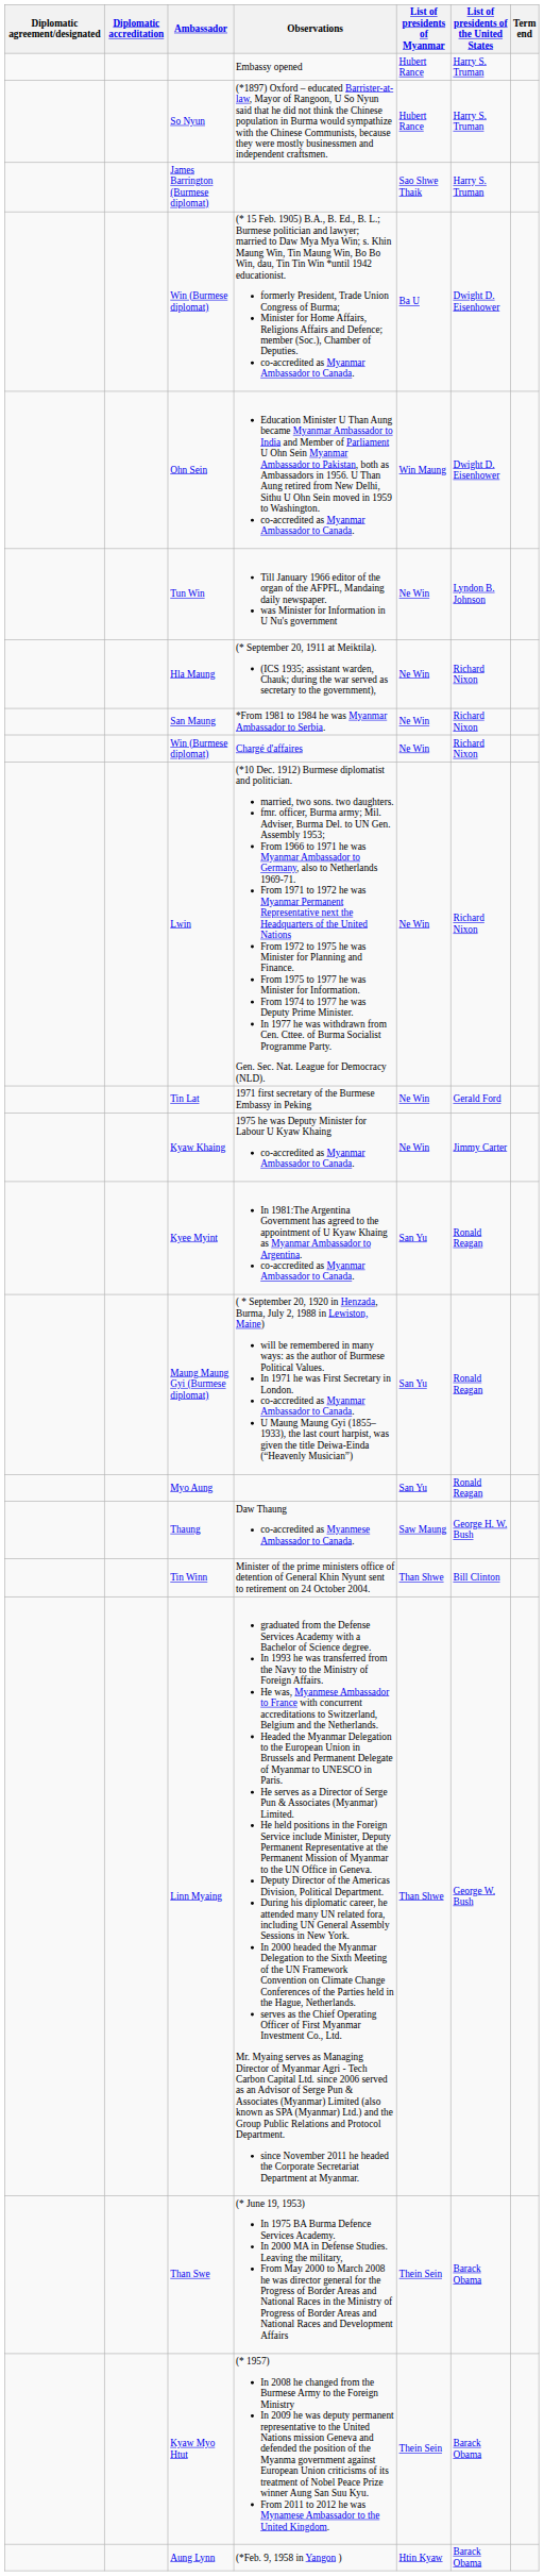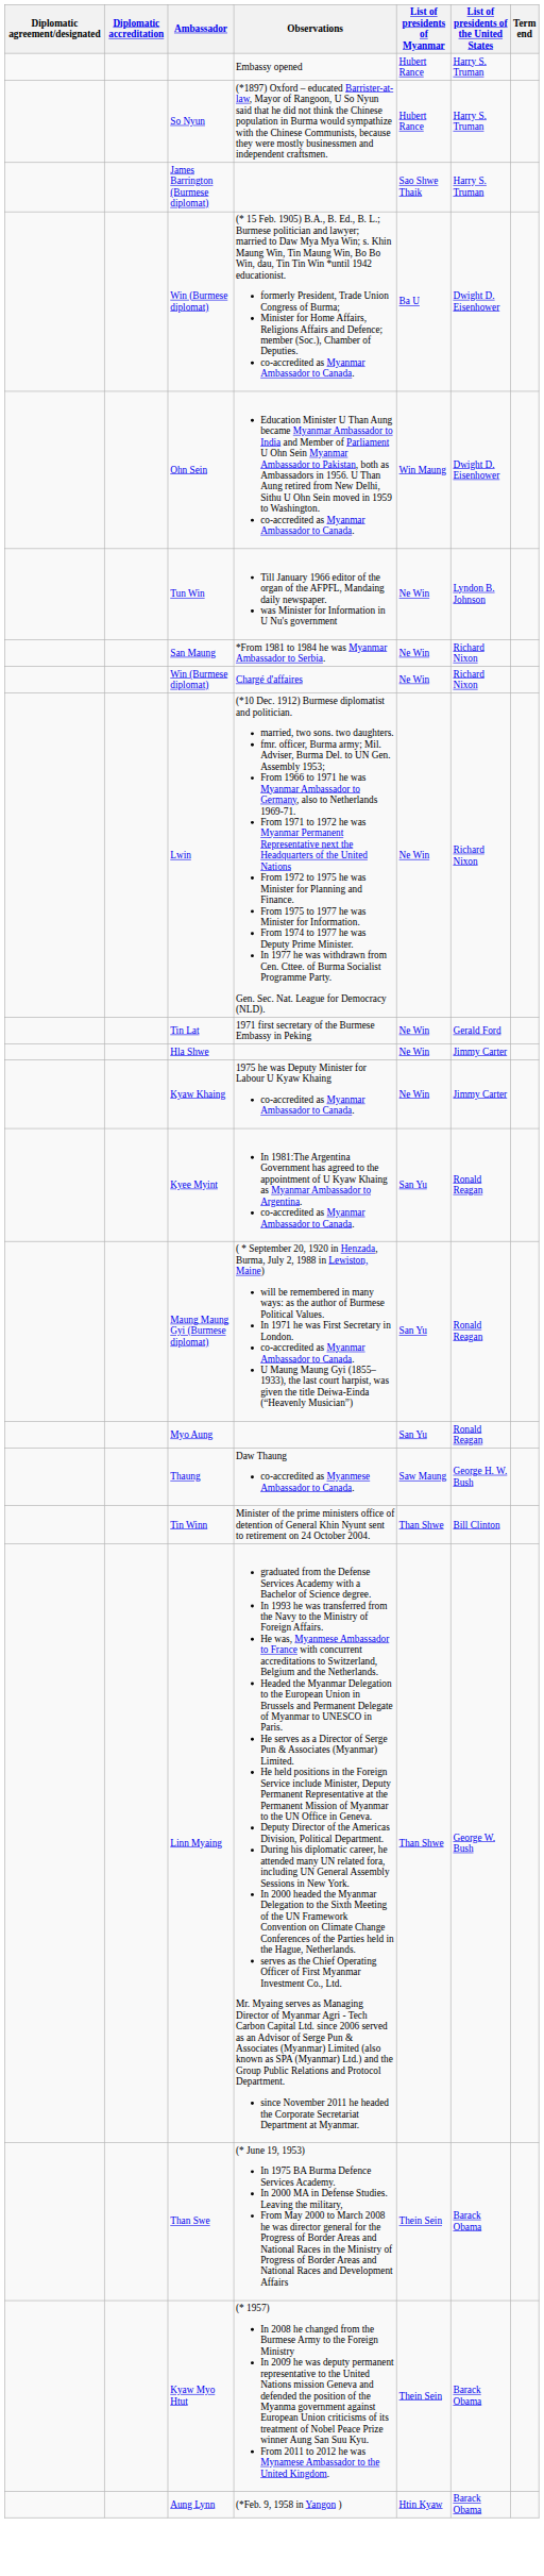 <table class="wikitable sortable">
 <tr>
 <th>Diplomatic agreement/designated</th>
 <th><a href='#'>Diplomatic accreditation</a></th>
 <th><a href='#'>Ambassador</a></th>
 <th>Observations</th>
 <th><a href='#'>List of presidents of Myanmar</a></th>
 <th><a href='#'>List of presidents of the United States</a></th>
 <th>Term end</th>
 </tr>
 <tr>
 <td></td>
 <td></td>
 <td></td>
 <td>Embassy opened</td>
 <td><a href='#'>Hubert Rance</a></td>
 <td><a href='#'>Harry S. Truman</a></td>
 <td></td>
 </tr>
 <tr>
 <td></td>
 <td></td>
 <td><a href='#'>So Nyun</a></td>
 <td>(*1897) Oxford – educated <a href='#'>Barrister-at-law</a>, Mayor of Rangoon, U So Nyun said that he did not think the Chinese population in Burma would sympathize with the Chinese Communists, because they were mostly businessmen and independent craftsmen.</td>
 <td><a href='#'>Hubert Rance</a></td>
 <td><a href='#'>Harry S. Truman</a></td>
 <td></td>
 </tr>
 <tr>
 <td></td>
 <td></td>
 <td><a href='#'>James Barrington (Burmese diplomat)</a></td>
 <td></td>
 <td><a href='#'>Sao Shwe Thaik</a></td>
 <td><a href='#'>Harry S. Truman</a></td>
 <td></td>
 </tr>
 <tr>
 <td></td>
 <td></td>
 <td><a href='#'>Win (Burmese diplomat)</a></td>
 <td>(* 15 Feb. 1905) B.A., B. Ed., B. L.; Burmese politician and lawyer;<br>married to Daw Mya Mya Win; s. Khin Maung Win, Tin Maung Win, Bo Bo Win, dau, Tin Tin Win *until 1942 educationist.<ul><li>formerly President, Trade Union Congress of Burma;</li><li>Minister for Home Affairs, Religions Affairs and Defence; member (Soc.), Chamber of Deputies.</li><li> co-accredited as <a href='#'>Myanmar Ambassador to Canada</a>.</li></ul></td>
 <td><a href='#'>Ba U</a></td>
 <td><a href='#'>Dwight D. Eisenhower</a></td>
 <td></td>
 </tr>
 <tr>
 <td></td>
 <td></td>
 <td><a href='#'>Ohn Sein</a></td>
 <td><br><ul><li>Education Minister U Than Aung became <a href='#'>Myanmar Ambassador to India</a> and Member of <a href='#'>Parliament</a> U Ohn Sein <a href='#'>Myanmar Ambassador to Pakistan</a>, both as Ambassadors in 1956. U Than Aung retired from New Delhi, Sithu U Ohn Sein moved in 1959 to Washington.</li><li> co-accredited as <a href='#'>Myanmar Ambassador to Canada</a>.</li></ul></td>
 <td><a href='#'>Win Maung</a></td>
 <td><a href='#'>Dwight D. Eisenhower</a></td>
 <td></td>
 </tr>
 <tr>
 <td></td>
 <td></td>
 <td><a href='#'>Tun Win</a></td>
 <td><br><ul><li>Till January 1966 editor of the organ of the AFPFL,  Mandaing daily newspaper.</li><li>was Minister for Information in U Nu's government</li></ul></td>
 <td><a href='#'>Ne Win</a></td>
 <td><a href='#'>Lyndon B. Johnson</a></td>
 <td></td>
 </tr>
 <tr>
 <td></td>
 <td></td>
-<td><a href='#'>Hla Maung</a></td>
-<td>(* September 20, 1911 at Meiktila).<br><ul><li>(ICS 1935; assistant warden, Chauk; during the war served as secretary to the government),</li></ul></td>
-<td><a href='#'>Ne Win</a></td>
-<td><a href='#'>Richard Nixon</a></td>
-<td></td>
-</tr>
-<tr>
-<td></td>
-<td></td>
 <td><a href='#'>San Maung</a></td>
 <td>*From 1981 to 1984 he was <a href='#'>Myanmar Ambassador to Serbia</a>.</td>
 <td><a href='#'>Ne Win</a></td>
 <td><a href='#'>Richard Nixon</a></td>
 <td></td>
 </tr>
 <tr>
 <td></td>
 <td></td>
 <td><a href='#'>Win (Burmese diplomat)</a></td>
 <td><a href='#'>Chargé d'affaires</a></td>
 <td><a href='#'>Ne Win</a></td>
 <td><a href='#'>Richard Nixon</a></td>
 <td></td>
 </tr>
 <tr>
 <td></td>
 <td></td>
 <td><a href='#'>Lwin</a></td>
 <td>(*10 Dec. 1912) Burmese diplomatist and politician.<br><ul><li>married, two sons. two daughters.</li><li>fmr. officer, Burma army; Mil. Adviser, Burma Del. to UN Gen. Assembly 1953;</li><li>From 1966 to 1971 he was <a href='#'>Myanmar Ambassador to Germany</a>, also to Netherlands 1969-71.</li><li>From 1971 to 1972 he was <a href='#'>Myanmar Permanent Representative next the Headquarters of the United Nations</a></li><li>From 1972 to 1975 he was Minister for Planning and Finance.</li><li>From 1975 to 1977 he was Minister for Information.</li><li>From 1974 to 1977 he was Deputy Prime Minister.</li><li>In 1977 he was withdrawn from Cen. Cttee. of Burma Socialist Programme Party.</li></ul>Gen. Sec. Nat. League for Democracy (NLD).</td>
 <td><a href='#'>Ne Win</a></td>
 <td><a href='#'>Richard Nixon</a></td>
 <td></td>
 </tr>
 <tr>
 <td></td>
 <td></td>
 <td><a href='#'>Tin Lat</a></td>
 <td>1971 first secretary of the Burmese Embassy in Peking</td>
 <td><a href='#'>Ne Win</a></td>
 <td><a href='#'>Gerald Ford</a></td>
+<td></td>
+</tr>
+<tr>
+<td></td>
+<td></td>
+<td><a href='#'>Hla Shwe</a></td>
+<td></td>
+<td><a href='#'>Ne Win</a></td>
+<td><a href='#'>Jimmy Carter</a></td>
 <td></td>
 </tr>
 <tr>
 <td></td>
 <td></td>
 <td><a href='#'>Kyaw Khaing</a></td>
 <td>1975 he was Deputy Minister for Labour U Kyaw Khaing<br><ul><li> co-accredited as <a href='#'>Myanmar Ambassador to Canada</a>.</li></ul></td>
 <td><a href='#'>Ne Win</a></td>
 <td><a href='#'>Jimmy Carter</a></td>
 <td></td>
 </tr>
 <tr>
 <td></td>
 <td></td>
 <td><a href='#'>Kyee Myint</a></td>
 <td><br><ul><li>In 1981:The Argentina Government has agreed to the appointment of U Kyaw Khaing as <a href='#'>Myanmar Ambassador to Argentina</a>.</li><li> co-accredited as <a href='#'>Myanmar Ambassador to Canada</a>.</li></ul></td>
 <td><a href='#'>San Yu</a></td>
 <td><a href='#'>Ronald Reagan</a></td>
 <td></td>
 </tr>
 <tr>
 <td></td>
 <td></td>
 <td><a href='#'>Maung Maung Gyi (Burmese diplomat)</a></td>
 <td>( * September 20, 1920 in <a href='#'>Henzada</a>, Burma, July 2, 1988 in <a href='#'>Lewiston, Maine</a>)<br><ul><li>will be remembered in many ways: as the author of Burmese Political Values.</li><li>In 1971 he was First Secretary in London.</li><li> co-accredited as <a href='#'>Myanmar Ambassador to Canada</a>.</li><li>U Maung Maung Gyi (1855–1933), the last court harpist, was given the title Deiwa-Einda (“Heavenly Musician”)</li></ul></td>
 <td><a href='#'>San Yu</a></td>
 <td><a href='#'>Ronald Reagan</a></td>
 <td></td>
 </tr>
 <tr>
 <td></td>
 <td></td>
 <td><a href='#'>Myo Aung</a></td>
 <td></td>
 <td><a href='#'>San Yu</a></td>
 <td><a href='#'>Ronald Reagan</a></td>
 <td></td>
 </tr>
 <tr>
 <td></td>
 <td></td>
 <td><a href='#'>Thaung</a></td>
 <td>Daw Thaung<br><ul><li> co-accredited as <a href='#'>Myanmese Ambassador to Canada</a>.</li></ul></td>
 <td><a href='#'>Saw Maung</a></td>
 <td><a href='#'>George H. W. Bush</a></td>
 <td></td>
 </tr>
 <tr>
 <td></td>
 <td></td>
 <td><a href='#'>Tin Winn</a></td>
 <td>Minister of the prime ministers office of detention of General Khin Nyunt sent to retirement on 24 October 2004.</td>
 <td><a href='#'>Than Shwe</a></td>
 <td><a href='#'>Bill Clinton</a></td>
 <td></td>
 </tr>
 <tr>
 <td></td>
 <td></td>
 <td><a href='#'>Linn Myaing</a></td>
 <td><br><ul><li>graduated from the Defense Services Academy with a Bachelor of Science degree.</li><li>In 1993 he was transferred from the Navy to the Ministry of Foreign Affairs.</li><li>He was, <a href='#'>Myanmese Ambassador to France</a> with concurrent accreditations to Switzerland, Belgium and the Netherlands.</li><li>Headed the Myanmar Delegation to the European Union in Brussels and Permanent Delegate of Myanmar to UNESCO in Paris.</li><li>He serves as a Director of Serge Pun & Associates (Myanmar) Limited.</li><li>He held positions in the Foreign Service include Minister, Deputy Permanent Representative at the Permanent Mission of Myanmar to the UN Office in Geneva.</li><li>Deputy Director of the Americas Division, Political Department.</li><li>During his diplomatic career, he attended many UN related fora, including UN General Assembly Sessions in New York.</li><li>In 2000 headed the Myanmar Delegation to the Sixth Meeting of the UN Framework Convention on Climate Change Conferences of the Parties held in the Hague, Netherlands.</li><li>serves as the Chief Operating Officer of First Myanmar Investment Co., Ltd.</li></ul>Mr. Myaing serves as Managing Director of Myanmar Agri - Tech Carbon Capital Ltd.  since 2006 served as an Advisor of Serge Pun & Associates (Myanmar) Limited (also known as SPA (Myanmar) Ltd.) and the Group Public Relations and Protocol Department.<ul><li>since November 2011 he headed the Corporate Secretariat Department at Myanmar.</li></ul></td>
 <td><a href='#'>Than Shwe</a></td>
 <td><a href='#'>George W. Bush</a></td>
 <td></td>
 </tr>
 <tr>
 <td></td>
 <td></td>
 <td><a href='#'>Than Swe</a></td>
 <td>(* June 19, 1953)<br><ul><li>In 1975 BA Burma Defence Services Academy.</li><li>In 2000 MA in Defense Studies. Leaving the military,</li><li>From May 2000 to March 2008 he was director general for the Progress of Border Areas and National Races in the Ministry of Progress of Border Areas and National Races and Development Affairs</li></ul></td>
 <td><a href='#'>Thein Sein</a></td>
 <td><a href='#'>Barack Obama</a></td>
 <td></td>
 </tr>
 <tr>
 <td></td>
 <td></td>
 <td><a href='#'>Kyaw Myo Htut</a></td>
 <td>(* 1957)<br><ul><li>In 2008 he changed from the Burmese Army to the Foreign Ministry</li><li>In 2009 he was deputy permanent representative to the United Nations mission Geneva and defended the position of the Myanma government against European Union criticisms of its treatment of Nobel Peace Prize winner Aung San Suu Kyu.</li><li>From 2011 to 2012 he was <a href='#'>Mynamese Ambassador to the United Kingdom</a>.</li></ul></td>
 <td><a href='#'>Thein Sein</a></td>
 <td><a href='#'>Barack Obama</a></td>
 <td></td>
 </tr>
 <tr>
 <td></td>
 <td></td>
 <td><a href='#'>Aung Lynn</a></td>
 <td>(*Feb. 9, 1958 in <a href='#'>Yangon</a> ) </td>
 <td><a href='#'>Htin Kyaw</a></td>
 <td><a href='#'>Barack Obama</a></td>
 <td></td>
 </tr>
 </table>
